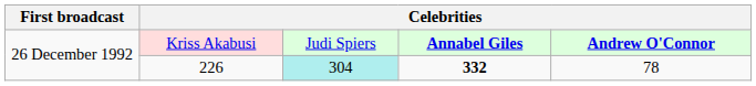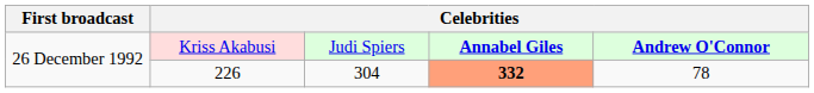 <table class="wikitable" width="750px" style="text-align:center;">
 <tr>
 <th width="18%">First broadcast</th>
 <th colspan="4">Celebrities</th>
 </tr>
 <tr>
 <td rowspan="2">26 December 1992</td>
 <td bgcolor="ffdddd"><a href='#'>Kriss Akabusi</a></td>
 <td bgcolor="ddffdd"><a href='#'>Judi Spiers</a></td>
 <td bgcolor="ddffdd"><strong><a href='#'>Annabel Giles</a></strong></td>
 <td bgcolor="ddffdd"><strong><a href='#'>Andrew O'Connor</a></strong></td>
 </tr>
 <tr>
 <td>226</td>
-<td style="background: paleturquoise;">304</td>
-<td><strong>332</strong></td>
+<td>304</td>
+<td style="background: lightsalmon;"><strong>332</strong></td>
 <td>78</td>
 </tr>
 </table>
